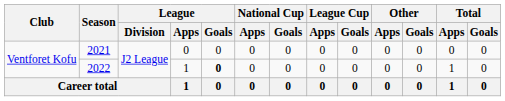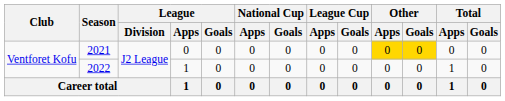 <table class="wikitable" style="text-align: center">
 <tr>
 <th rowspan="2">Club</th>
 <th rowspan="2">Season</th>
 <th colspan="3">League</th>
 <th colspan="2">National Cup</th>
 <th colspan="2">League Cup</th>
 <th colspan="2">Other</th>
 <th colspan="2">Total</th>
 </tr>
 <tr>
 <th>Division</th>
 <th>Apps</th>
 <th>Goals</th>
 <th>Apps</th>
 <th>Goals</th>
 <th>Apps</th>
 <th>Goals</th>
 <th>Apps</th>
 <th>Goals</th>
 <th>Apps</th>
 <th>Goals</th>
 </tr>
 <tr>
 <td rowspan="2"><a href='#'>Ventforet Kofu</a></td>
 <td><a href='#'>2021</a></td>
 <td rowspan="2"><a href='#'>J2 League</a></td>
 <td>0</td>
 <td>0</td>
 <td>0</td>
 <td>0</td>
 <td>0</td>
 <td>0</td>
-<td>0</td>
-<td>0</td>
+<td style="background: gold;">0</td>
+<td style="background: gold;">0</td>
 <td>0</td>
 <td>0</td>
 </tr>
 <tr>
 <td><a href='#'>2022</a></td>
 <td>1</td>
-<td><strong>0</strong></td>
+<td>0</td>
 <td>0</td>
 <td>0</td>
 <td>0</td>
 <td>0</td>
 <td>0</td>
 <td>0</td>
 <td>1</td>
 <td>0</td>
 </tr>
 <tr>
 <th colspan=3>Career total</th>
 <th>1</th>
 <th>0</th>
 <th>0</th>
 <th>0</th>
 <th>0</th>
 <th>0</th>
 <th>0</th>
 <th>0</th>
 <th>1</th>
 <th>0</th>
 </tr>
 </table>
